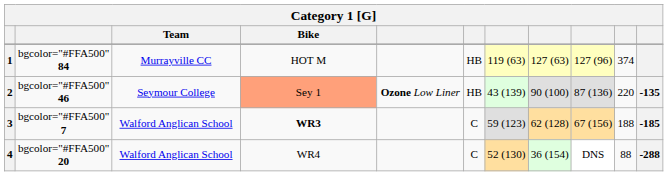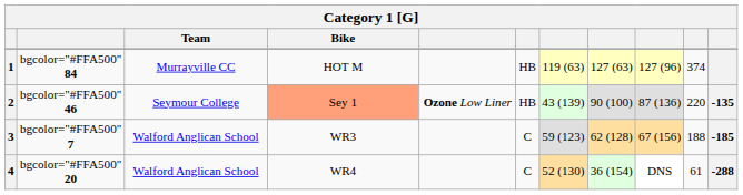 <table class="wikitable collapsible collapsed" style="font-size: 85%; text-align:center">
 <tr>
 <th colspan="11" width="500"><big>Category 1 [G]</big></th>
 </tr>
 <tr>
 <th valign="middle" width="5"></th>
 <th valign="middle" width="10"></th>
 <th valign="middle" width="150">Team</th>
 <th valign="middle" width="160">Bike</th>
 <th valign="middle" width="100"></th>
 <th valign="middle" width="6"></th>
 <th><a href='#'></a><br></th>
 <th><a href='#'></a><br></th>
 <th><a href='#'></a><br></th>
 <th valign="middle" width="4"></th>
 <th width="5" valign="middle"></th>
 </tr>
 <tr>
 </tr>
 <tr style="border-top:2px solid #aaaaaa">
 <th>1</th>
 <td>bgcolor="#FFA500" <strong>84</strong></td>
 <td> <a href='#'>Murrayville CC</a></td>
 <td>HOT M</td>
 <td></td>
 <td valign="middle">HB</td>
 <td bgcolor="#FFFFBF">119 (63)</td>
 <td bgcolor="#FFFFBF">127 (63)</td>
 <td bgcolor="#FFFFBF">127 (96)</td>
 <td>374</td>
 <th></th>
 </tr>
 <tr>
 <th>2</th>
 <td>bgcolor="#FFA500" <strong>46</strong></td>
 <td> <a href='#'>Seymour College</a></td>
 <td style="background: lightsalmon;">Sey 1</td>
 <td><strong>Ozone</strong> <em>Low Liner</em></td>
 <td valign="middle">HB</td>
 <td bgcolor="#dfffdf">43 (139)</td>
 <td bgcolor="#dfdfdf">90 (100)</td>
 <td bgcolor="#dfdfdf">87 (136)</td>
 <td>220</td>
 <th>-135</th>
 </tr>
 <tr>
 <th>3</th>
 <td>bgcolor="#FFA500" <strong>7</strong></td>
 <td> <a href='#'>Walford Anglican School</a></td>
-<td><strong>WR3</strong></td>
+<td>WR3</td>
 <td></td>
 <td valign="middle">C</td>
 <td bgcolor="#dfdfdf">59 (123)</td>
 <td bgcolor="#ffdf9f">62 (128)</td>
 <td bgcolor="#ffdf9f">67 (156)</td>
 <td>188</td>
 <th>-185</th>
 </tr>
 <tr>
 <th>4</th>
 <td>bgcolor="#FFA500" <strong>20</strong></td>
 <td> <a href='#'>Walford Anglican School</a></td>
 <td>WR4</td>
 <td></td>
 <td valign="middle">C</td>
 <td bgcolor="#ffdf9f">52 (130)</td>
 <td bgcolor="#dfffdf">36 (154)</td>
 <td bgcolor="#ffffff">DNS</td>
-<td>88</td>
+<td>61</td>
 <th>-288</th>
 </tr>
 </table>
